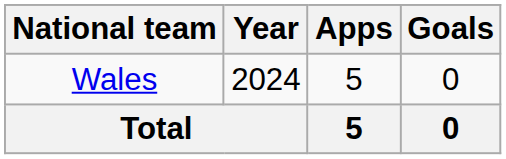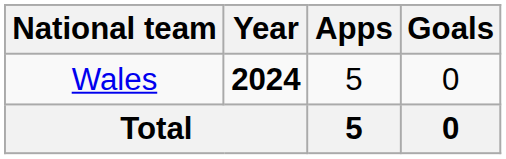 <table class="wikitable" style="text-align:center">
 <tr>
 <th>National team</th>
 <th>Year</th>
 <th>Apps</th>
 <th>Goals</th>
 </tr>
 <tr>
 <td><a href='#'>Wales</a></td>
-<td>2024</td>
+<td><strong>2024</strong></td>
 <td>5</td>
 <td>0</td>
 </tr>
 <tr>
 <th colspan="2">Total</th>
 <th>5</th>
 <th>0</th>
 </tr>
 </table>
